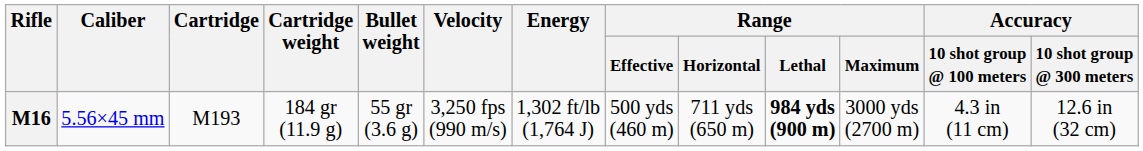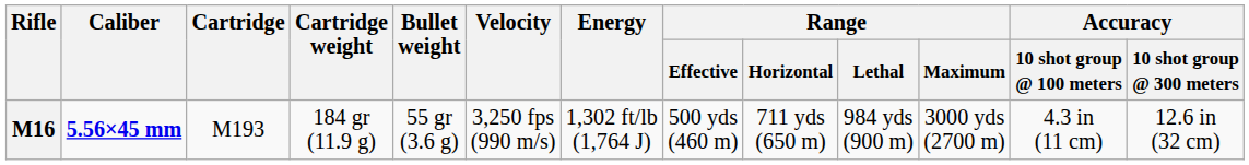 <table class="wikitable" style="margin: 1em auto; text-align:center;">
 <tr valign="top">
 <th rowspan="2">Rifle</th>
 <th rowspan="2">Caliber</th>
 <th rowspan="2">Cartridge</th>
 <th rowspan="2">Cartridge <br>weight</th>
 <th rowspan="2">Bullet <br>weight</th>
 <th rowspan="2">Velocity</th>
 <th rowspan="2">Energy</th>
 <th colspan="4">Range</th>
 <th colspan="2">Accuracy</th>
 </tr>
 <tr>
 <th><small>Effective</small></th>
 <th><small>Horizontal</small></th>
 <th><small>Lethal</small></th>
 <th><small>Maximum</small></th>
 <th><small>10 shot group <br>@ 100 meters</small></th>
 <th><small>10 shot group <br>@ 300 meters</small></th>
 </tr>
 <tr>
 <th>M16</th>
-<td><a href='#'>5.56×45 mm</a></td>
+<td><strong><a href='#'>5.56×45 mm</a></strong></td>
 <td>M193</td>
 <td>184 gr <br>(11.9 g)</td>
 <td>55 gr <br>(3.6 g)</td>
 <td>3,250 fps <br>(990 m/s)</td>
 <td>1,302 ft/lb <br>(1,764 J)</td>
 <td>500 yds <br>(460 m)</td>
 <td>711 yds <br>(650 m)</td>
-<td><strong>984 yds <br>(900 m)</strong></td>
+<td>984 yds <br>(900 m)</td>
 <td>3000 yds <br>(2700 m)</td>
 <td>4.3 in <br>(11 cm)</td>
 <td>12.6 in <br>(32 cm)</td>
 </tr>
 </table>
